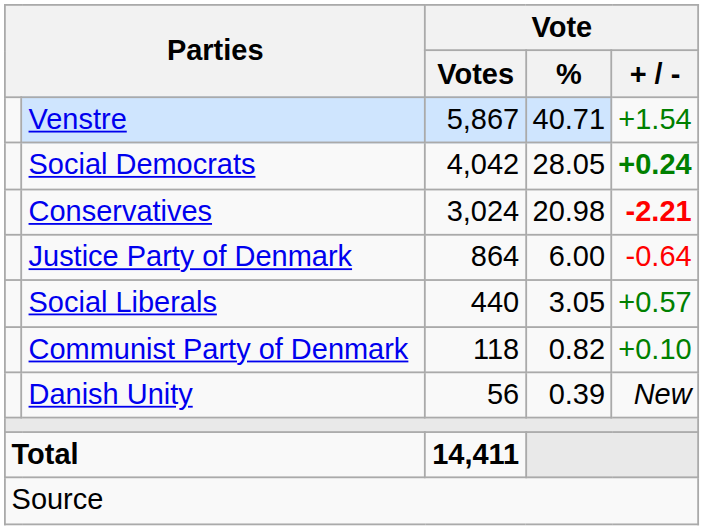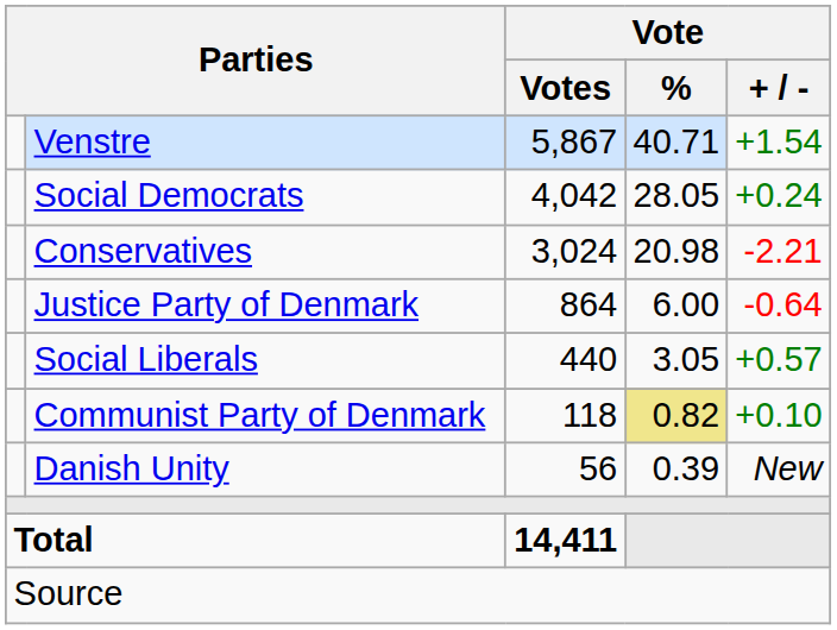 <table class="wikitable" style="text-align:right;">
 <tr>
 <th style="text-align:centre;" rowspan="2" colspan="2" width="225">Parties</th>
 <th colspan="3">Vote</th>
 </tr>
 <tr>
 <th width="15">Votes</th>
 <th width="15">%</th>
 <th width="15">+ / -</th>
 </tr>
 <tr>
 <td width="2" style="color:inherit;background:"></td>
 <td bgcolor=#cfe5fe  align="left"><a href='#'>Venstre</a></td>
 <td bgcolor=#cfe5fe>5,867</td>
 <td bgcolor=#cfe5fe>40.71</td>
 <td style=color:green;>+1.54</td>
 </tr>
 <tr>
 <td width="2" style="color:inherit;background:"></td>
 <td align="left"><a href='#'>Social Democrats</a></td>
 <td>4,042</td>
 <td>28.05</td>
-<td style=color:green;><strong>+0.24</strong></td>
+<td style=color:green;>+0.24</td>
 </tr>
 <tr>
 <td width="2" style="color:inherit;background:"></td>
 <td align="left"><a href='#'>Conservatives</a></td>
 <td>3,024</td>
 <td>20.98</td>
-<td style=color:red;><strong>-2.21</strong></td>
+<td style=color:red;>-2.21</td>
 </tr>
 <tr>
 <td width="2" style="color:inherit;background:"></td>
 <td align="left"><a href='#'>Justice Party of Denmark</a></td>
 <td>864</td>
 <td>6.00</td>
 <td style=color:red;>-0.64</td>
 </tr>
 <tr>
 <td width="2" style="color:inherit;background:"></td>
 <td align="left"><a href='#'>Social Liberals</a></td>
 <td>440</td>
 <td>3.05</td>
 <td style=color:green;>+0.57</td>
 </tr>
 <tr>
 <td width="2" style="color:inherit;background:"></td>
 <td align="left"><a href='#'>Communist Party of Denmark</a></td>
 <td>118</td>
-<td>0.82</td>
+<td style="background: khaki;">0.82</td>
 <td style=color:green;>+0.10</td>
 </tr>
 <tr>
 <td width="2" style="color:inherit;background:"></td>
 <td align="left"><a href='#'>Danish Unity</a></td>
 <td>56</td>
 <td>0.39</td>
 <td><em>New</em></td>
 </tr>
 <tr>
 <td colspan="7" bgcolor="#E9E9E9"></td>
 </tr>
 <tr>
 <td align="left" colspan="2"><strong>Total</strong></td>
 <td><strong>14,411</strong></td>
 <td bgcolor="#E9E9E9" colspan="2"></td>
 </tr>
 <tr>
 <td align="left" colspan="6">Source</td>
 </tr>
 </table>
